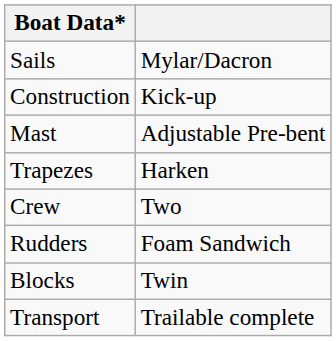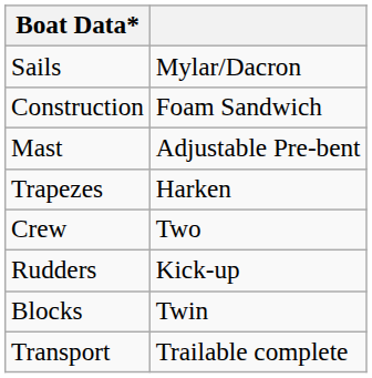 <table class="wikitable" style="display: inline-table;">
 <tr>
 <th>Boat Data*</th>
 <th></th>
 </tr>
 <tr>
 <td>Sails</td>
 <td>Mylar/Dacron</td>
 </tr>
 <tr>
 <td>Construction</td>
-<td>Kick-up</td>
+<td>Foam Sandwich</td>
 </tr>
 <tr>
 <td>Mast</td>
 <td>Adjustable Pre-bent</td>
 </tr>
 <tr>
 <td>Trapezes</td>
 <td>Harken</td>
 </tr>
 <tr>
 <td>Crew</td>
 <td>Two</td>
 </tr>
 <tr>
 <td>Rudders</td>
-<td>Foam Sandwich</td>
+<td>Kick-up</td>
 </tr>
 <tr>
 <td>Blocks</td>
 <td>Twin</td>
 </tr>
 <tr>
 <td>Transport</td>
 <td>Trailable complete</td>
 </tr>
 </table>
